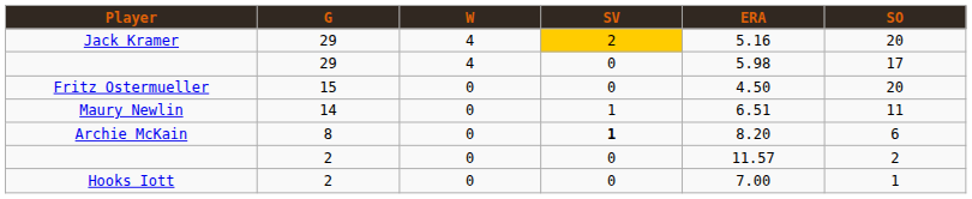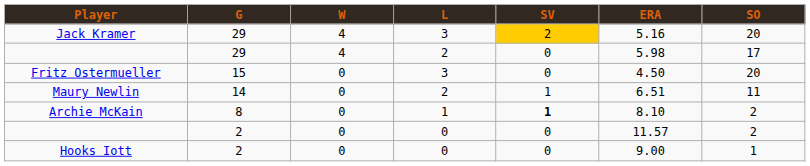 <table class="wikitable sortable">
 <tr>
 <th style="background:#312821;color:#de6108;" width="16%">Player</th>
 <th style="background:#312821;color:#de6108;" width="9%">G</th>
 <th style="background:#312821;color:#de6108;" width="9%">W</th>
+<th style="background:#312821;color:#de6108;" width="9%">L</th>
 <th style="background:#312821;color:#de6108;" width="9%">SV</th>
 <th style="background:#312821;color:#de6108;" width="9%">ERA</th>
 <th style="background:#312821;color:#de6108;" width="9%">SO</th>
 </tr>
 <tr align="center">
 <td><a href='#'>Jack Kramer</a></td>
 <td>29</td>
 <td>4</td>
+<td>3</td>
 <td style="background:#fc0;">2</td>
 <td>5.16</td>
 <td>20</td>
 </tr>
 <tr align="center">
 <td></td>
 <td>29</td>
 <td>4</td>
+<td>2</td>
 <td>0</td>
 <td>5.98</td>
 <td>17</td>
 </tr>
 <tr align="center">
 <td><a href='#'>Fritz Ostermueller</a></td>
 <td>15</td>
 <td>0</td>
+<td>3</td>
 <td>0</td>
 <td>4.50</td>
 <td>20</td>
 </tr>
 <tr align="center">
 <td><a href='#'>Maury Newlin</a></td>
 <td>14</td>
 <td>0</td>
+<td>2</td>
 <td>1</td>
 <td>6.51</td>
 <td>11</td>
 </tr>
 <tr align="center">
 <td><a href='#'>Archie McKain</a></td>
 <td>8</td>
 <td>0</td>
+<td>1</td>
 <td><strong>1</strong></td>
-<td>8.20</td>
-<td>6</td>
+<td>8.10</td>
+<td>2</td>
 </tr>
 <tr align="center">
 <td></td>
 <td>2</td>
+<td>0</td>
 <td>0</td>
 <td>0</td>
 <td>11.57</td>
 <td>2</td>
 </tr>
 <tr align="center">
 <td><a href='#'>Hooks Iott</a></td>
 <td>2</td>
 <td>0</td>
 <td>0</td>
-<td>7.00</td>
+<td>0</td>
+<td>9.00</td>
 <td>1</td>
 </tr>
 </table>
